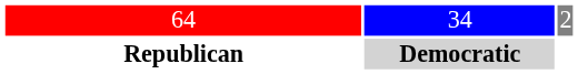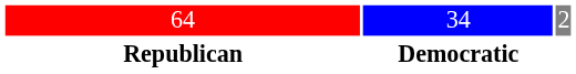 <table style="width:60%; text-align:center;">
 <tr style="color:white;">
 <td style="background:red; width:64.0%;">64</td>
 <td style="background:blue; width:34.0%;">34</td>
 <td style="background:grey; width:2.0%;">2</td>
 </tr>
 <tr>
 <td><span><strong>Republican</strong></span></td>
-<td style="background: lightgrey;"><span><strong>Democratic</strong></span></td>
+<td><span><strong>Democratic</strong></span></td>
 </tr>
 </table>
